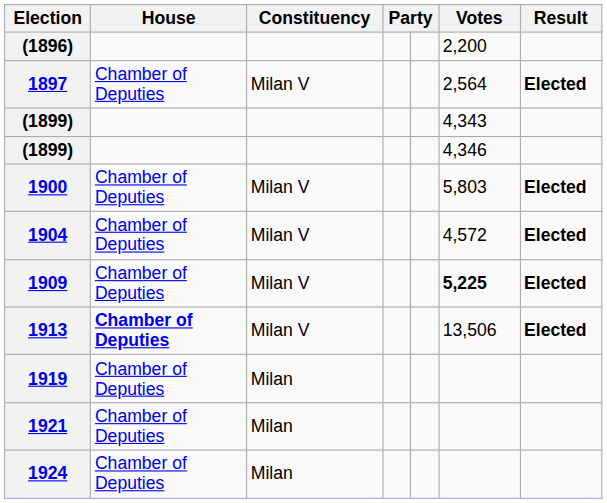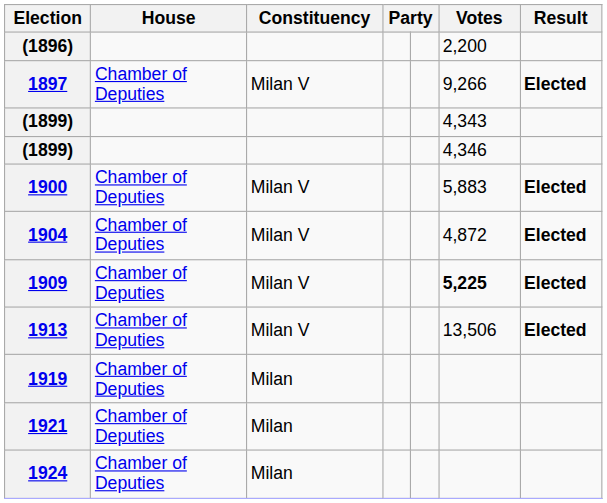 <table class=wikitable style="width:43%; border:1px #AAAAFF solid">
 <tr>
 <th width=12%>Election</th>
 <th width=23%>House</th>
 <th width=20%>Constituency</th>
 <th width=5% colspan="2">Party</th>
 <th width=12%>Votes</th>
 <th width=12%>Result</th>
 </tr>
 <tr>
 <th>(1896)</th>
 <td></td>
 <td></td>
 <td></td>
 <td></td>
 <td>2,200</td>
 <td></td>
 </tr>
 <tr>
 <th><a href='#'>1897</a></th>
 <td><a href='#'>Chamber of Deputies</a></td>
 <td>Milan V</td>
 <td></td>
 <td></td>
-<td>2,564</td>
+<td>9,266</td>
 <td> <strong>Elected</strong></td>
 </tr>
 <tr>
 <th>(1899)</th>
 <td></td>
 <td></td>
 <td></td>
 <td></td>
 <td>4,343</td>
 <td></td>
 </tr>
 <tr>
 <th>(1899)</th>
 <td></td>
 <td></td>
 <td></td>
 <td></td>
 <td>4,346</td>
 <td></td>
 </tr>
 <tr>
 <th><a href='#'>1900</a></th>
 <td><a href='#'>Chamber of Deputies</a></td>
 <td>Milan V</td>
 <td></td>
 <td></td>
-<td>5,803</td>
+<td>5,883</td>
 <td> <strong>Elected</strong></td>
 </tr>
 <tr>
 <th><a href='#'>1904</a></th>
 <td><a href='#'>Chamber of Deputies</a></td>
 <td>Milan V</td>
 <td></td>
 <td></td>
-<td>4,572</td>
+<td>4,872</td>
 <td> <strong>Elected</strong></td>
 </tr>
 <tr>
 <th><a href='#'>1909</a></th>
 <td><a href='#'>Chamber of Deputies</a></td>
 <td>Milan V</td>
 <td></td>
 <td></td>
 <td><strong>5,225</strong></td>
 <td> <strong>Elected</strong></td>
 </tr>
 <tr>
 <th><a href='#'>1913</a></th>
-<td><strong><a href='#'>Chamber of Deputies</a></strong></td>
+<td><a href='#'>Chamber of Deputies</a></td>
 <td>Milan V</td>
 <td></td>
 <td></td>
 <td>13,506</td>
 <td> <strong>Elected</strong></td>
 </tr>
 <tr>
 <th><a href='#'>1919</a></th>
 <td><a href='#'>Chamber of Deputies</a></td>
 <td>Milan</td>
 <td></td>
 <td></td>
 <td></td>
 <td></td>
 </tr>
 <tr>
 <th><a href='#'>1921</a></th>
 <td><a href='#'>Chamber of Deputies</a></td>
 <td>Milan</td>
 <td></td>
 <td></td>
 <td></td>
 <td></td>
 </tr>
 <tr>
 <th><a href='#'>1924</a></th>
 <td><a href='#'>Chamber of Deputies</a></td>
 <td>Milan</td>
 <td></td>
 <td></td>
 <td></td>
 <td></td>
 </tr>
 <tr>
 </tr>
 </table>
